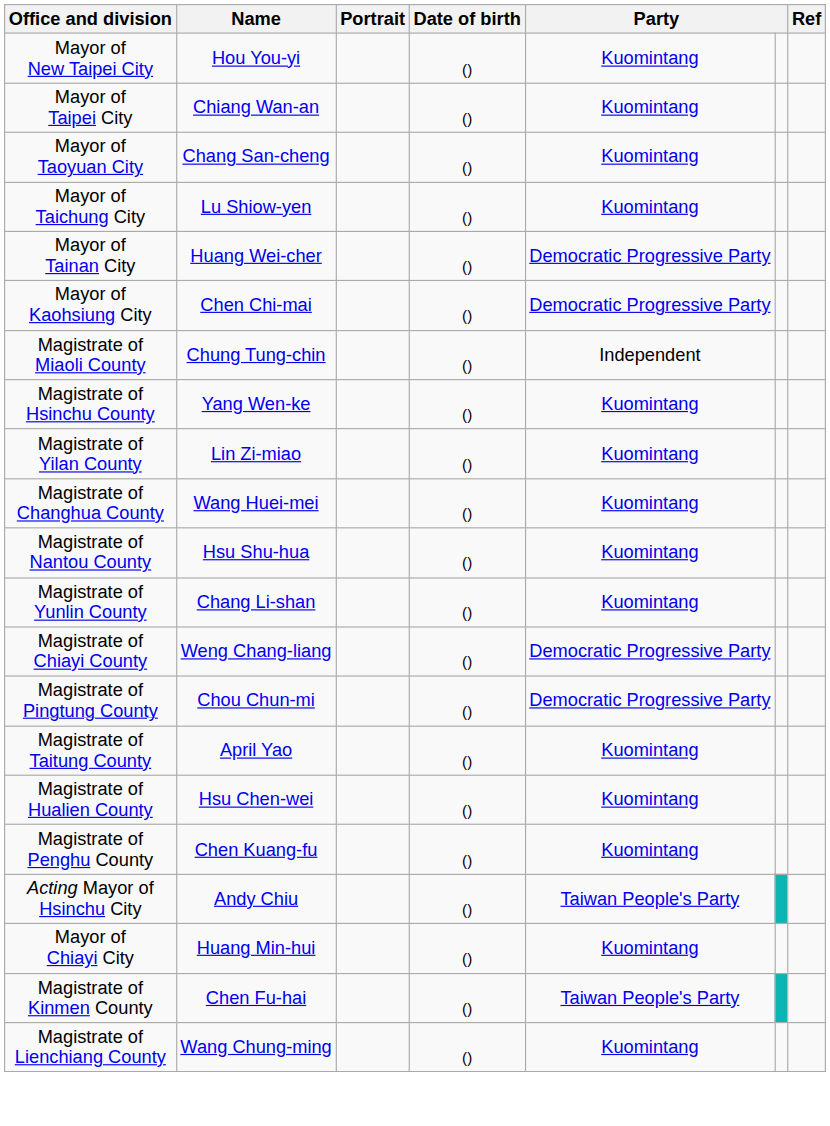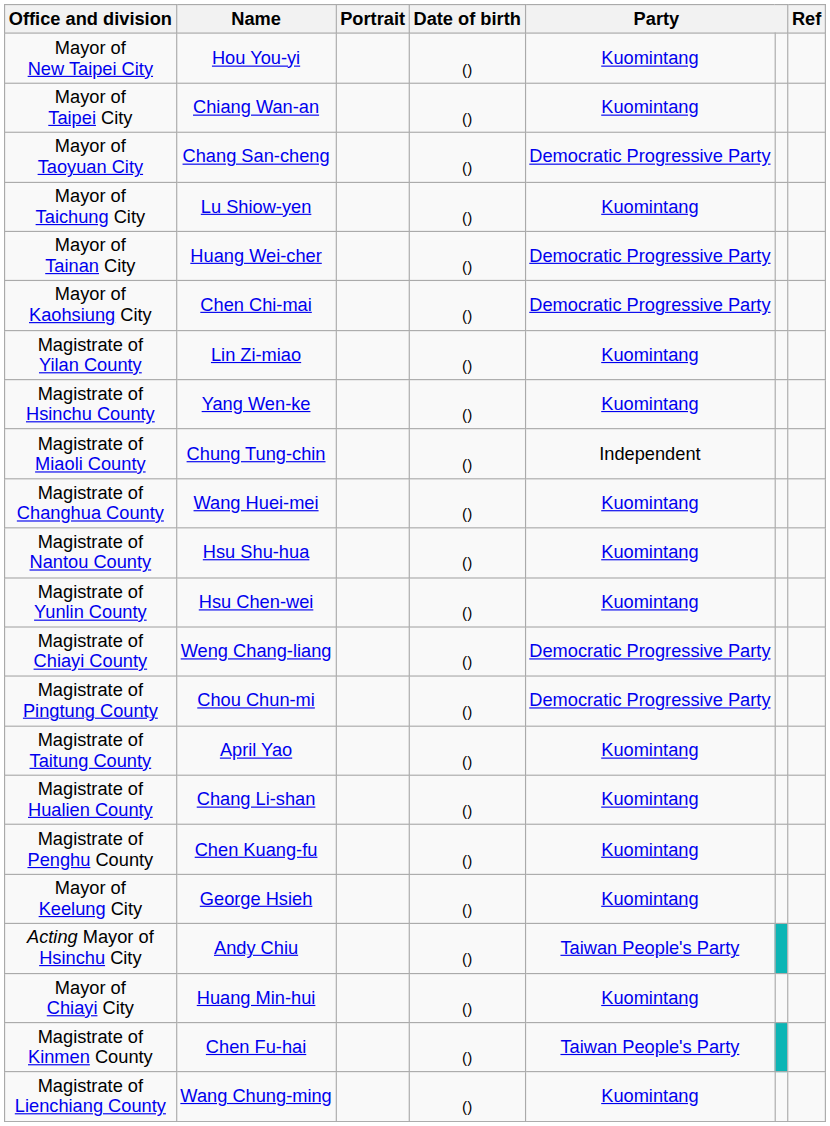 <table class="sortable wikitable" style="text-align:center">
 <tr>
 <th scope=col>Office and division<br></th>
 <th scope=col>Name</th>
 <th scope=col class=unsortable>Portrait</th>
 <th scope=col>Date of birth<br></th>
 <th scope=col colspan=2>Party</th>
 <th scope=col class=unsortable>Ref</th>
 </tr>
 <tr>
 <td>Mayor of<br><a href='#'>New Taipei City</a><br></td>
 <td><a href='#'>Hou You-yi</a></td>
 <td></td>
 <td><br><small>()</small></td>
 <td><a href='#'>Kuomintang</a></td>
 <td width="4px"></td>
 <td></td>
 </tr>
 <tr>
 <td>Mayor of<br><a href='#'>Taipei</a> City<br></td>
 <td><a href='#'>Chiang Wan-an</a></td>
 <td></td>
 <td><br><small>()</small></td>
 <td><a href='#'>Kuomintang</a></td>
 <td width="4px"></td>
 <td></td>
 </tr>
 <tr>
 <td>Mayor of<br><a href='#'>Taoyuan City</a><br></td>
 <td><a href='#'>Chang San-cheng</a></td>
 <td></td>
 <td><br><small>()</small></td>
-<td><a href='#'>Kuomintang</a></td>
+<td><a href='#'>Democratic Progressive Party</a></td>
 <td width="4px"></td>
 <td></td>
 </tr>
 <tr>
 <td>Mayor of<br><a href='#'>Taichung</a> City<br></td>
 <td><a href='#'>Lu Shiow-yen</a></td>
 <td></td>
 <td><br><small>()</small></td>
 <td><a href='#'>Kuomintang</a></td>
 <td width="4px"></td>
 <td></td>
 </tr>
 <tr>
 <td>Mayor of<br><a href='#'>Tainan</a> City<br></td>
 <td><a href='#'>Huang Wei-cher</a></td>
 <td></td>
 <td><br><small>()</small></td>
 <td><a href='#'>Democratic Progressive Party</a></td>
 <td width="4px"></td>
 <td></td>
 </tr>
 <tr>
 <td>Mayor of<br><a href='#'>Kaohsiung</a> City<br></td>
 <td><a href='#'>Chen Chi-mai</a></td>
 <td></td>
 <td><br><small>()</small></td>
 <td><a href='#'>Democratic Progressive Party</a></td>
 <td width="4px"></td>
 <td></td>
 </tr>
 <tr>
-<td>Magistrate of<br><a href='#'>Miaoli County</a><br></td>
-<td><a href='#'>Chung Tung-chin</a></td>
+<td>Magistrate of<br><a href='#'>Yilan County</a><br></td>
+<td><a href='#'>Lin Zi-miao</a></td>
 <td></td>
 <td><br><small>()</small></td>
-<td>Independent</td>
+<td><a href='#'>Kuomintang</a></td>
 <td width="4px"></td>
 <td></td>
 </tr>
 <tr>
 <td>Magistrate of<br><a href='#'>Hsinchu County</a><br></td>
 <td><a href='#'>Yang Wen-ke</a></td>
 <td></td>
 <td><br><small>()</small></td>
 <td><a href='#'>Kuomintang</a></td>
 <td width="4px"></td>
 <td></td>
 </tr>
 <tr>
-<td>Magistrate of<br><a href='#'>Yilan County</a><br></td>
-<td><a href='#'>Lin Zi-miao</a></td>
+<td>Magistrate of<br><a href='#'>Miaoli County</a><br></td>
+<td><a href='#'>Chung Tung-chin</a></td>
 <td></td>
 <td><br><small>()</small></td>
-<td><a href='#'>Kuomintang</a></td>
+<td>Independent</td>
 <td width="4px"></td>
 <td></td>
 </tr>
 <tr>
 <td>Magistrate of<br><a href='#'>Changhua County</a><br></td>
 <td><a href='#'>Wang Huei-mei</a></td>
 <td></td>
 <td><br><small>()</small></td>
 <td><a href='#'>Kuomintang</a></td>
 <td width="4px"></td>
 <td></td>
 </tr>
 <tr>
 <td>Magistrate of<br><a href='#'>Nantou County</a><br></td>
 <td><a href='#'>Hsu Shu-hua</a></td>
 <td></td>
 <td><br><small>()</small></td>
 <td><a href='#'>Kuomintang</a></td>
 <td width="4px"></td>
 <td></td>
 </tr>
 <tr>
 <td>Magistrate of<br><a href='#'>Yunlin County</a><br></td>
-<td><a href='#'>Chang Li-shan</a></td>
+<td><a href='#'>Hsu Chen-wei</a></td>
 <td></td>
 <td><br><small>()</small></td>
 <td><a href='#'>Kuomintang</a></td>
 <td width="4px"></td>
 <td></td>
 </tr>
 <tr>
 <td>Magistrate of<br><a href='#'>Chiayi County</a><br></td>
 <td><a href='#'>Weng Chang-liang</a></td>
 <td></td>
 <td><br><small>()</small></td>
 <td><a href='#'>Democratic Progressive Party</a></td>
 <td width="4px"></td>
 <td></td>
 </tr>
 <tr>
 <td>Magistrate of<br><a href='#'>Pingtung County</a><br></td>
 <td><a href='#'>Chou Chun-mi</a></td>
 <td></td>
 <td><br><small>()</small></td>
 <td><a href='#'>Democratic Progressive Party</a></td>
 <td width="4px"></td>
 <td></td>
 </tr>
 <tr>
 <td>Magistrate of<br><a href='#'>Taitung County</a><br></td>
 <td><a href='#'>April Yao</a></td>
 <td></td>
 <td><br><small>()</small></td>
 <td><a href='#'>Kuomintang</a></td>
 <td width="4px"></td>
 <td></td>
 </tr>
 <tr>
 <td>Magistrate of<br><a href='#'>Hualien County</a><br></td>
-<td><a href='#'>Hsu Chen-wei</a></td>
+<td><a href='#'>Chang Li-shan</a></td>
 <td></td>
 <td><br><small>()</small></td>
 <td><a href='#'>Kuomintang</a></td>
 <td width="4px"></td>
 <td></td>
 </tr>
 <tr>
 <td>Magistrate of<br><a href='#'>Penghu</a> County<br></td>
 <td><a href='#'>Chen Kuang-fu</a></td>
+<td></td>
+<td><br><small>()</small></td>
+<td><a href='#'>Kuomintang</a></td>
+<td width="4px"></td>
+<td></td>
+</tr>
+<tr>
+<td>Mayor of<br><a href='#'>Keelung</a> City<br></td>
+<td><a href='#'>George Hsieh</a></td>
 <td></td>
 <td><br><small>()</small></td>
 <td><a href='#'>Kuomintang</a></td>
 <td width="4px"></td>
 <td></td>
 </tr>
 <tr>
 <td><em>Acting</em> Mayor of<br><a href='#'>Hsinchu</a> City<br></td>
 <td><a href='#'>Andy Chiu</a></td>
 <td></td>
 <td><br><small>()</small></td>
 <td><a href='#'>Taiwan People's Party</a></td>
 <td width="4px" bgcolor=#0CB5B5></td>
 <td></td>
 </tr>
 <tr>
 <td>Mayor of<br><a href='#'>Chiayi</a> City<br></td>
 <td><a href='#'>Huang Min-hui</a></td>
 <td></td>
 <td><br><small>()</small></td>
 <td><a href='#'>Kuomintang</a></td>
 <td width="4px"></td>
 <td></td>
 </tr>
 <tr>
 <td>Magistrate of<br><a href='#'>Kinmen</a> County<br></td>
 <td><a href='#'>Chen Fu-hai</a></td>
 <td></td>
 <td><br><small>()</small></td>
 <td><a href='#'>Taiwan People's Party</a></td>
 <td width="4px" bgcolor="#0CB5B5"></td>
 <td></td>
 </tr>
 <tr>
 <td>Magistrate of<br><a href='#'>Lienchiang County</a><br></td>
 <td><a href='#'>Wang Chung-ming</a></td>
 <td></td>
 <td><br><small>()</small></td>
 <td><a href='#'>Kuomintang</a></td>
 <td width="4px"></td>
 <td></td>
 </tr>
 <tr>
 </tr>
 </table>
